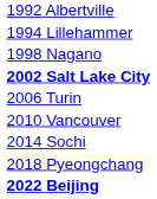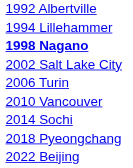 <table>
 <tr>
 <td><a href='#'>1992 Albertville</a><br></td>
 <td></td>
 <td></td>
 <td></td>
 </tr>
 <tr>
 <td><a href='#'>1994 Lillehammer</a><br></td>
 <td></td>
 <td></td>
 <td></td>
 </tr>
 <tr>
-<td><a href='#'>1998 Nagano</a><br></td>
+<td><strong><a href='#'>1998 Nagano</a><br></strong></td>
 <td></td>
 <td></td>
 <td></td>
 </tr>
 <tr>
-<td><strong><a href='#'>2002 Salt Lake City</a><br></strong></td>
+<td><a href='#'>2002 Salt Lake City</a><br></td>
 <td></td>
 <td></td>
 <td></td>
 </tr>
 <tr>
 <td><a href='#'>2006 Turin</a><br></td>
 <td></td>
 <td></td>
 <td></td>
 </tr>
 <tr>
 <td><a href='#'>2010 Vancouver</a><br></td>
 <td></td>
 <td></td>
 <td></td>
 </tr>
 <tr>
 <td><a href='#'>2014 Sochi</a><br></td>
 <td></td>
 <td></td>
 <td></td>
 </tr>
 <tr>
-<td style="background: lightyellow;"><a href='#'>2018 Pyeongchang</a><br></td>
+<td><a href='#'>2018 Pyeongchang</a><br></td>
 <td></td>
 <td></td>
 <td></td>
 </tr>
 <tr>
-<td><strong><a href='#'>2022 Beijing</a><br></strong></td>
+<td><a href='#'>2022 Beijing</a><br></td>
 <td></td>
 <td></td>
 <td></td>
 </tr>
 </table>
